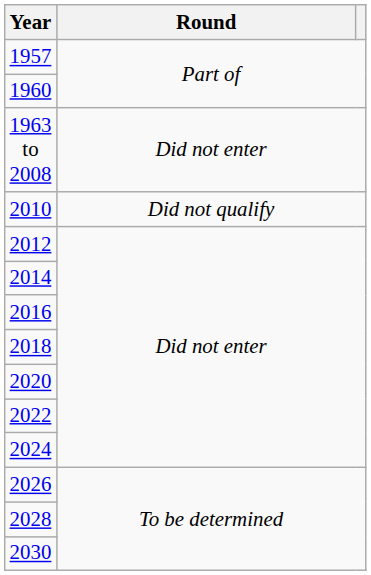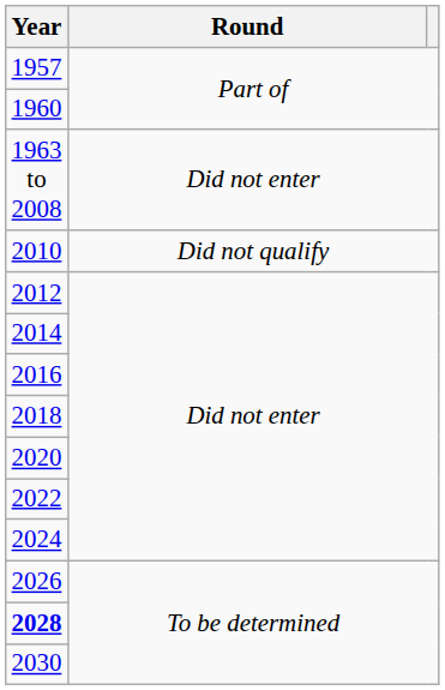 <table class="wikitable" style="text-align: center; font-size:90%">
 <tr>
 <th>Year</th>
 <th style="width:200px">Round</th>
 <th></th>
 </tr>
 <tr>
 <td><a href='#'>1957</a></td>
 <td colspan="2" rowspan="2"><em>Part of </em></td>
 </tr>
 <tr>
 <td><a href='#'>1960</a></td>
 </tr>
 <tr>
 <td><a href='#'>1963</a><br>to<br><a href='#'>2008</a></td>
 <td colspan="2"><em>Did not enter</em></td>
 </tr>
 <tr>
 <td><a href='#'>2010</a></td>
 <td colspan="2"><em>Did not qualify</em></td>
 </tr>
 <tr>
 <td><a href='#'>2012</a></td>
 <td colspan="2" rowspan="7"><em>Did not enter</em></td>
 </tr>
 <tr>
 <td><a href='#'>2014</a></td>
 </tr>
 <tr>
 <td><a href='#'>2016</a></td>
 </tr>
 <tr>
 <td><a href='#'>2018</a></td>
 </tr>
 <tr>
 <td><a href='#'>2020</a></td>
 </tr>
 <tr>
 <td><a href='#'>2022</a></td>
 </tr>
 <tr>
 <td><a href='#'>2024</a></td>
 </tr>
 <tr>
 <td><a href='#'>2026</a></td>
 <td colspan="2" rowspan="3"><em>To be determined</em></td>
 </tr>
 <tr>
-<td><a href='#'>2028</a></td>
+<td><strong><a href='#'>2028</a></strong></td>
 </tr>
 <tr>
 <td><a href='#'>2030</a></td>
 </tr>
 </table>
